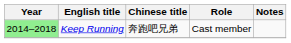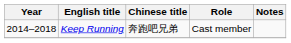 <table class="wikitable sortable">
 <tr>
 <th>Year</th>
 <th>English title</th>
 <th>Chinese title</th>
 <th>Role</th>
 <th>Notes</th>
 </tr>
 <tr>
-<td style="background: lightgreen;">2014–2018</td>
+<td>2014–2018</td>
 <td><em><a href='#'>Keep Running</a></em></td>
 <td>奔跑吧兄弟</td>
 <td>Cast member</td>
 <td></td>
 </tr>
 <tr>
 </tr>
 </table>
